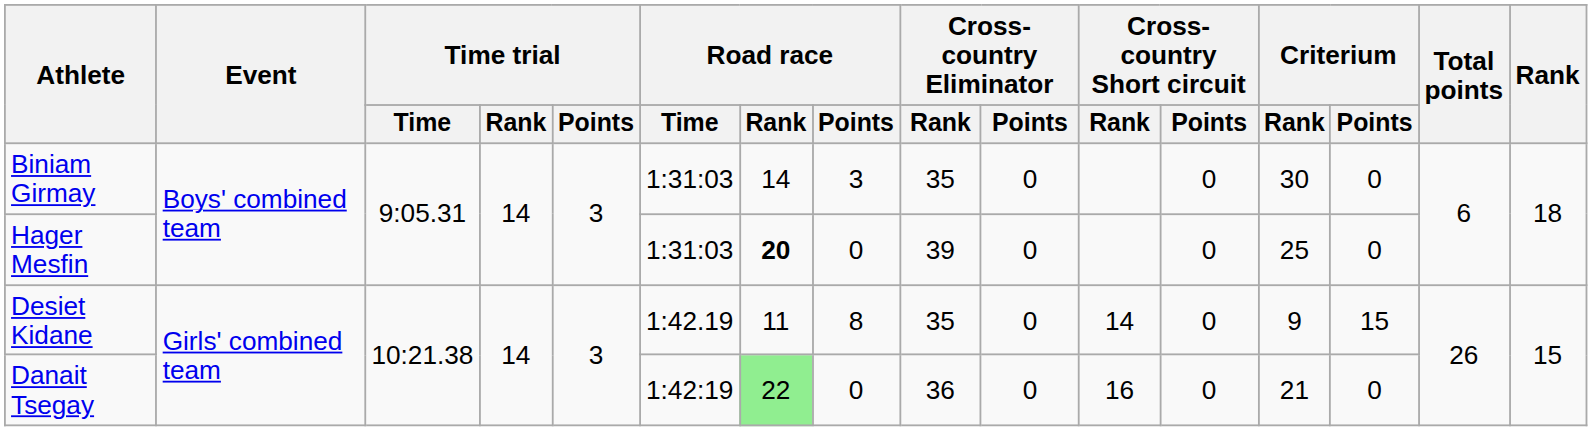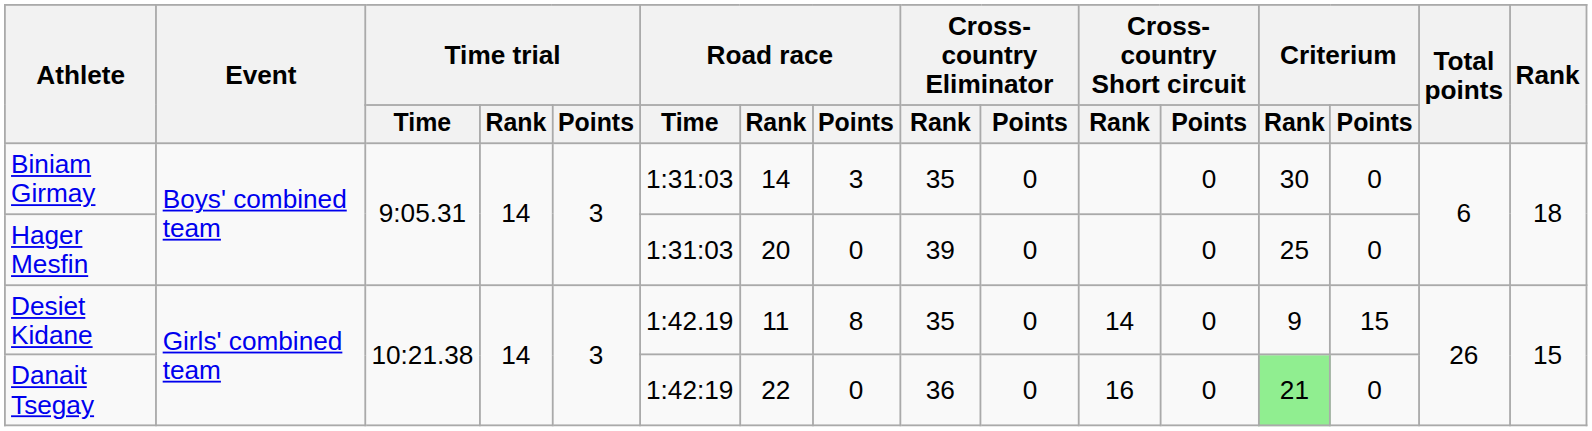 <table class="wikitable" style="font-size:90%;">
 <tr>
 <th rowspan=2>Athlete</th>
 <th rowspan=2>Event</th>
 <th colspan=3>Time trial</th>
 <th colspan=3>Road race</th>
 <th colspan=2>Cross-country<br>Eliminator</th>
 <th colspan=2>Cross-country<br>Short circuit</th>
 <th colspan=2>Criterium</th>
 <th rowspan=2>Total<br>points</th>
 <th rowspan=2>Rank</th>
 </tr>
 <tr style="font-size:95%">
 <th>Time</th>
 <th>Rank</th>
 <th>Points</th>
 <th>Time</th>
 <th>Rank</th>
 <th>Points</th>
 <th>Rank</th>
 <th>Points</th>
 <th>Rank</th>
 <th>Points</th>
 <th>Rank</th>
 <th>Points</th>
 </tr>
 <tr align=center>
 <td align=left><a href='#'>Biniam Girmay</a></td>
 <td rowspan=2 align=left><a href='#'>Boys' combined team</a></td>
 <td rowspan=2>9:05.31</td>
 <td rowspan=2>14</td>
 <td rowspan=2>3</td>
 <td>1:31:03</td>
 <td>14</td>
 <td>3</td>
 <td>35</td>
 <td>0</td>
 <td></td>
 <td>0</td>
 <td>30</td>
 <td>0</td>
 <td rowspan=2>6</td>
 <td rowspan=2>18</td>
 </tr>
 <tr align=center>
 <td align=left><a href='#'>Hager Mesfin</a></td>
 <td>1:31:03</td>
-<td><strong>20</strong></td>
+<td>20</td>
 <td>0</td>
 <td>39</td>
 <td>0</td>
 <td></td>
 <td>0</td>
 <td>25</td>
 <td>0</td>
 </tr>
 <tr align=center>
 <td align=left><a href='#'>Desiet Kidane</a></td>
 <td rowspan=2 align=left><a href='#'>Girls' combined team</a></td>
 <td rowspan=2>10:21.38</td>
 <td rowspan=2>14</td>
 <td rowspan=2>3</td>
 <td>1:42.19</td>
 <td>11</td>
 <td>8</td>
 <td>35</td>
 <td>0</td>
 <td>14</td>
 <td>0</td>
 <td>9</td>
 <td>15</td>
 <td rowspan=2>26</td>
 <td rowspan=2>15</td>
 </tr>
 <tr align=center>
 <td align=left><a href='#'>Danait Tsegay</a></td>
 <td>1:42:19</td>
-<td style="background: lightgreen;">22</td>
+<td>22</td>
 <td>0</td>
 <td>36</td>
 <td>0</td>
 <td>16</td>
 <td>0</td>
-<td>21</td>
+<td style="background: lightgreen;">21</td>
 <td>0</td>
 </tr>
 </table>
